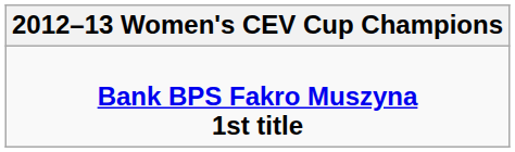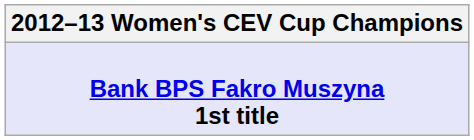 <table class=wikitable style="text-align:center; margin:auto">
 <tr>
 <th>2012–13 Women's CEV Cup Champions</th>
 </tr>
 <tr>
-<td><br><strong><a href='#'>Bank BPS Fakro Muszyna</a></strong><br><strong>1st title</strong></td>
+<td style="background: lavender;"><br><strong><a href='#'>Bank BPS Fakro Muszyna</a></strong><br><strong>1st title</strong></td>
 </tr>
 </table>
